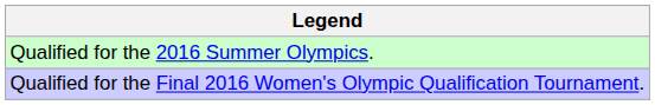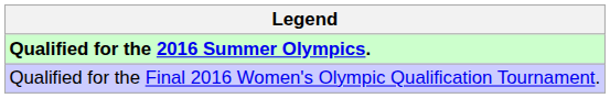 <table class="wikitable">
 <tr>
 <th>Legend</th>
 </tr>
 <tr bgcolor=ccffcc>
-<td>Qualified for the <a href='#'>2016 Summer Olympics</a>.</td>
+<td><strong>Qualified for the <a href='#'>2016 Summer Olympics</a>.</strong></td>
 </tr>
 <tr bgcolor=ccccff>
 <td>Qualified for the <a href='#'>Final 2016 Women's Olympic Qualification Tournament</a>.</td>
 </tr>
 </table>
